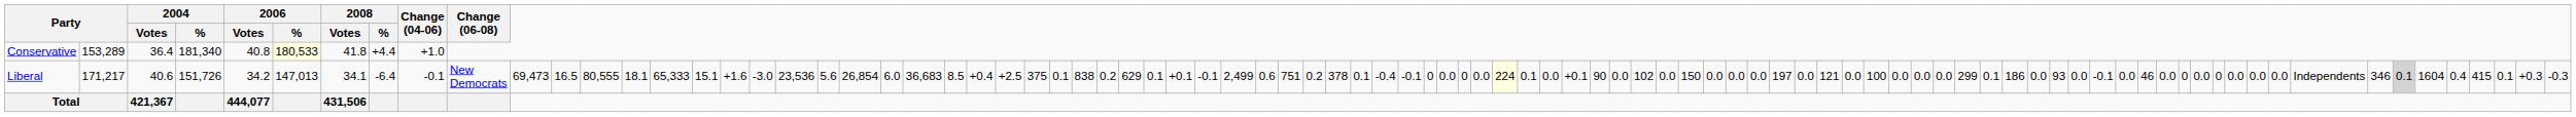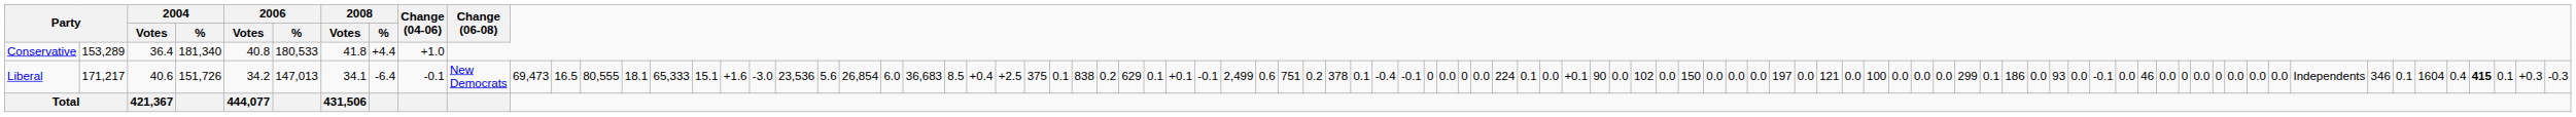 <table class="wikitable mw-collapsible mw-collapsed" align="center" colspan=11|2004 and 2006 Election Results City of Ottawa>
 <tr>
 <th align="center" colspan=2 rowspan=2>Party</th>
 <th align="center" colspan=2>2004</th>
 <th align="center" colspan=2>2006</th>
 <th align="center" colspan=2>2008</th>
 <th align="center" rowspan=2>Change (04-06)</th>
 <th align="center" rowspan=2>Change (06-08)</th>
 </tr>
 <tr>
 <th align="right">Votes</th>
 <th align="right">%</th>
 <th align="right">Votes</th>
 <th align="right">%</th>
 <th align="right">Votes</th>
 <th align="right">%</th>
 </tr>
 <tr>
 <td><a href='#'>Conservative</a></td>
 <td align="right">153,289</td>
 <td align="right">36.4</td>
 <td align="right">181,340</td>
 <td align="right">40.8</td>
-<td align="right" style="background: lightyellow;">180,533</td>
+<td align="right">180,533</td>
 <td align="right">41.8</td>
 <td align="right">+4.4</td>
 <td align="right">+1.0</td>
 </tr>
 <tr>
 <td style="width: 130px"><a href='#'>Liberal</a></td>
 <td align="right">171,217</td>
 <td align="right">40.6</td>
 <td align="right">151,726</td>
 <td align="right">34.2</td>
 <td align="right">147,013</td>
 <td align="right">34.1</td>
 <td align="right">-6.4</td>
 <td align="right">-0.1<br></td>
 <td><a href='#'>New Democrats</a></td>
 <td align="right">69,473</td>
 <td align="right">16.5</td>
 <td align="right">80,555</td>
 <td align="right">18.1</td>
 <td align="right">65,333</td>
 <td align="right">15.1</td>
 <td align="right">+1.6</td>
 <td align="right">-3.0<br></td>
 <td align="right">23,536</td>
 <td align="right">5.6</td>
 <td align="right">26,854</td>
 <td align="right">6.0</td>
 <td align="right">36,683</td>
 <td align="right">8.5</td>
 <td align="right">+0.4</td>
 <td align="right">+2.5<br></td>
 <td align="right">375</td>
 <td align="right">0.1</td>
 <td align="right">838</td>
 <td align="right">0.2</td>
 <td align="right">629</td>
 <td align="right">0.1</td>
 <td align="right">+0.1</td>
 <td align="right">-0.1<br></td>
 <td align="right">2,499</td>
 <td align="right">0.6</td>
 <td align="right">751</td>
 <td align="right">0.2</td>
 <td align="right">378</td>
 <td align="right">0.1</td>
 <td align="right">-0.4</td>
 <td align="right">-0.1<br></td>
 <td align="right">0</td>
 <td align="right">0.0</td>
 <td align="right">0</td>
 <td align="right">0.0</td>
-<td align="right" style="background: lightyellow;">224</td>
+<td align="right">224</td>
 <td align="right">0.1</td>
 <td align="right">0.0</td>
 <td align="right">+0.1<br></td>
 <td align="right">90</td>
 <td align="right">0.0</td>
 <td align="right">102</td>
 <td align="right">0.0</td>
 <td align="right">150</td>
 <td align="right">0.0</td>
 <td align="right">0.0</td>
 <td align="right">0.0<br></td>
 <td align="right">197</td>
 <td align="right">0.0</td>
 <td align="right">121</td>
 <td align="right">0.0</td>
 <td align="right">100</td>
 <td align="right">0.0</td>
 <td align="right">0.0</td>
 <td align="right">0.0<br></td>
 <td align="right">299</td>
 <td align="right">0.1</td>
 <td align="right">186</td>
 <td align="right">0.0</td>
 <td align="right">93</td>
 <td align="right">0.0</td>
 <td align="right">-0.1</td>
 <td align="right">0.0<br></td>
 <td align="right">46</td>
 <td align="right">0.0</td>
 <td align="right">0</td>
 <td align="right">0.0</td>
 <td align="right">0</td>
 <td align="right">0.0</td>
 <td align="right">0.0</td>
 <td align="right">0.0<br></td>
 <td>Independents</td>
 <td align="right">346</td>
-<td align="right" style="background: lightgrey;">0.1</td>
+<td align="right">0.1</td>
 <td align="right">1604</td>
 <td align="right">0.4</td>
-<td align="right">415</td>
+<td align="right"><strong>415</strong></td>
 <td align="right">0.1</td>
 <td align="right">+0.3</td>
 <td align="right">-0.3</td>
 </tr>
 <tr bgcolor="white">
 <th align="left" colspan=2>Total</th>
 <th align="right">421,367</th>
 <th align="right"></th>
 <th align="right">444,077</th>
 <th align="right"></th>
 <th align="right">431,506</th>
 <th align="right"></th>
 <th align="right"></th>
 <th align="right"></th>
 </tr>
 </table>
